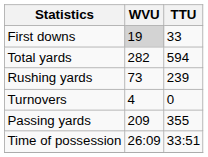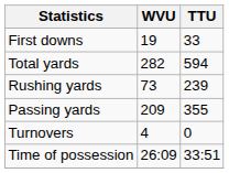 <table class="wikitable" style="float: left;">
 <tr>
 <th>Statistics</th>
 <th>WVU</th>
 <th>TTU</th>
 </tr>
 <tr>
 <td>First downs</td>
-<td style="background: lightgrey;">19</td>
+<td>19</td>
 <td>33</td>
 </tr>
 <tr>
 <td>Total yards</td>
 <td>282</td>
 <td>594</td>
 </tr>
 <tr>
 <td>Rushing yards</td>
 <td>73</td>
 <td>239</td>
 </tr>
 <tr>
+<td>Passing yards</td>
+<td>209</td>
+<td>355</td>
+</tr>
+<tr>
 <td>Turnovers</td>
 <td>4</td>
 <td>0</td>
-</tr>
-<tr>
-<td>Passing yards</td>
-<td>209</td>
-<td>355</td>
 </tr>
 <tr>
 <td>Time of possession</td>
 <td>26:09</td>
 <td>33:51</td>
 </tr>
 <tr>
 </tr>
 </table>
